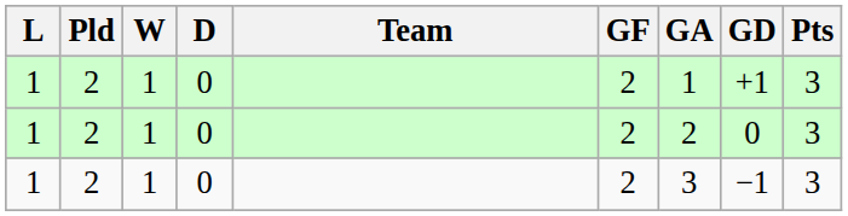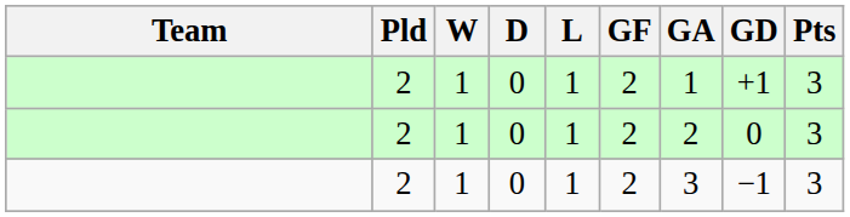 <table class="wikitable" style="text-align:center;">
 <tr>
-<th width=20 abbr="Lost">L</th>
+<th width=175>Team</th>
 <th width=20 abbr="Played">Pld</th>
 <th width=20 abbr="Won">W</th>
 <th width=20 abbr="Drawn">D</th>
-<th width=175>Team</th>
+<th width=20 abbr="Lost">L</th>
 <th width=20 abbr="Goals for">GF</th>
 <th width=20 abbr="Goals against">GA</th>
 <th width=20 abbr="Goal difference">GD</th>
 <th width=20 abbr="Points">Pts</th>
 </tr>
 <tr ---- align="center" bgcolor="ccffcc">
-<td>1</td>
+<td align="left"></td>
 <td>2</td>
 <td>1</td>
 <td>0</td>
-<td align="left"></td>
+<td>1</td>
 <td>2</td>
 <td>1</td>
 <td>+1</td>
 <td>3</td>
 </tr>
 <tr ---- align="center" bgcolor="ccffcc">
-<td>1</td>
+<td align="left"></td>
 <td>2</td>
 <td>1</td>
 <td>0</td>
-<td align="left"></td>
+<td>1</td>
 <td>2</td>
 <td>2</td>
 <td>0</td>
 <td>3</td>
 </tr>
 <tr ---- align="center">
-<td>1</td>
+<td align="left"></td>
 <td>2</td>
 <td>1</td>
 <td>0</td>
-<td align="left"></td>
+<td>1</td>
 <td>2</td>
 <td>3</td>
 <td>−1</td>
 <td>3</td>
 </tr>
 </table>
